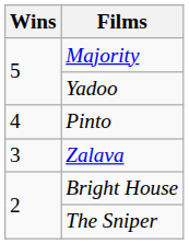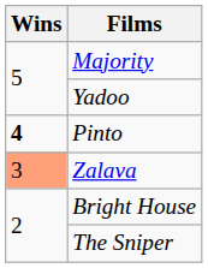 <table class="wikitable">
 <tr>
 <th>Wins</th>
 <th>Films</th>
 </tr>
 <tr>
 <td rowspan="2">5</td>
 <td><em><a href='#'>Majority</a></em></td>
 </tr>
 <tr>
 <td><em>Yadoo</em></td>
 </tr>
 <tr>
-<td>4</td>
+<td><strong>4</strong></td>
 <td><em>Pinto</em></td>
 </tr>
 <tr>
-<td>3</td>
+<td style="background: lightsalmon;">3</td>
 <td><em><a href='#'>Zalava</a></em></td>
 </tr>
 <tr>
 <td rowspan="2">2</td>
 <td><em>Bright House</em></td>
 </tr>
 <tr>
 <td><em>The Sniper</em></td>
 </tr>
 </table>
